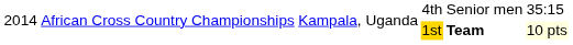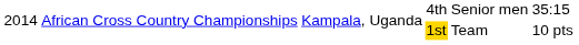 <table>
 <tr>
 <td rowspan=2>2014</td>
 <td rowspan=2><a href='#'>African Cross Country Championships</a></td>
 <td rowspan=2><a href='#'>Kampala</a>, Uganda</td>
 <td>4th</td>
 <td>Senior men</td>
 <td>35:15</td>
 </tr>
 <tr>
 <td bgcolor=gold>1st</td>
-<td><strong>Team</strong></td>
-<td style="background: lightyellow;">10 pts</td>
+<td>Team</td>
+<td>10 pts</td>
 </tr>
 </table>
